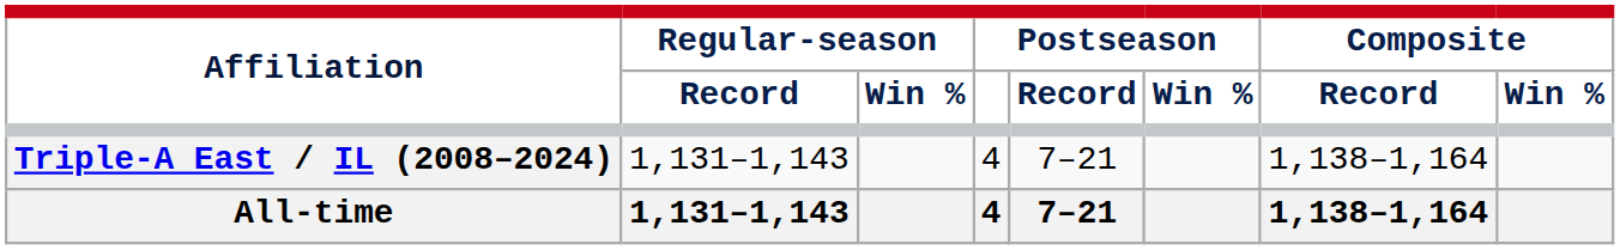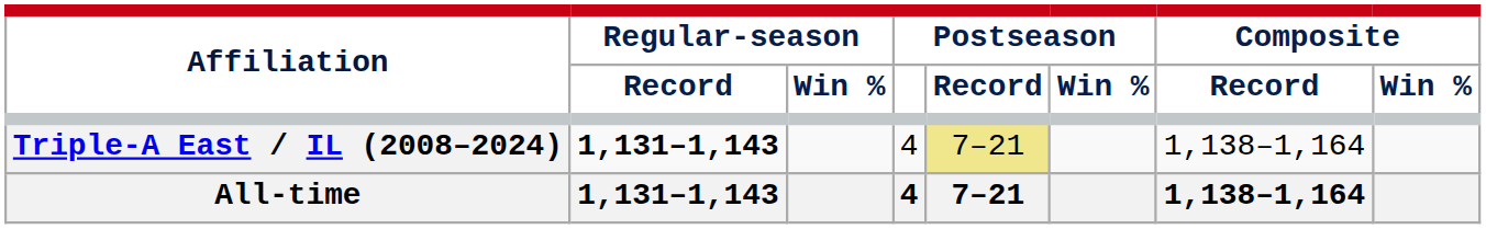 <table class="wikitable sortable plainrowheaders" style="font-size: 95%; text-align:center;">
 <tr>
 <th rowspan="2" scope="col" style="background-color:#ffffff; border-top:#C90116 5px solid; border-bottom:#c2c8ca 5px solid; color:#05173c">Affiliation</th>
 <th colspan="2" scope="col" style="background-color:#ffffff; border-top:#C90116 5px solid; color:#071d49">Regular-season</th>
 <th colspan="3" scope="col" style="background-color:#ffffff; border-top:#C90116 5px solid; color:#071d49">Postseason</th>
 <th colspan="2" scope="col" style="background-color:#ffffff; border-top:#C90116 5px solid; color:#071d49">Composite</th>
 </tr>
 <tr>
 <th scope="col" style="background-color:#ffffff; border-bottom:#c2c8ca 5px solid; color:#071d49">Record</th>
 <th scope="col" style="background-color:#ffffff; border-bottom:#c2c8ca 5px solid; color:#071d49">Win %</th>
 <th scope="col" style="background-color:#ffffff; border-bottom:#c2c8ca 5px solid; color:#071d49"></th>
 <th scope="col" style="background-color:#ffffff; border-bottom:#c2c8ca 5px solid; color:#071d49">Record</th>
 <th scope="col" style="background-color:#ffffff; border-bottom:#c2c8ca 5px solid; color:#071d49">Win %</th>
 <th scope="col" style="background-color:#ffffff; border-bottom:#c2c8ca 5px solid; color:#071d49">Record</th>
 <th scope="col" style="background-color:#ffffff; border-bottom:#c2c8ca 5px solid; color:#071d49">Win %</th>
 </tr>
 <tr>
 <th scope="row"><a href='#'>Triple-A East</a> / <a href='#'>IL</a> (2008–2024)</th>
-<td>1,131–1,143</td>
+<td><strong>1,131–1,143</strong></td>
 <td></td>
 <td>4</td>
-<td>7–21</td>
+<td style="background: khaki;">7–21</td>
 <td></td>
 <td>1,138–1,164</td>
 <td></td>
 </tr>
 <tr>
 <th scope="row"><strong>All-time</strong></th>
 <th>1,131–1,143</th>
 <th></th>
 <th>4</th>
 <th>7–21</th>
 <th></th>
 <th>1,138–1,164</th>
 <th></th>
 </tr>
 </table>
